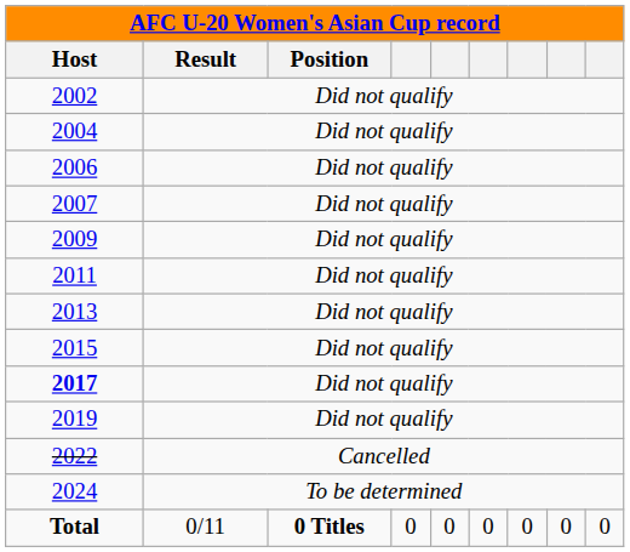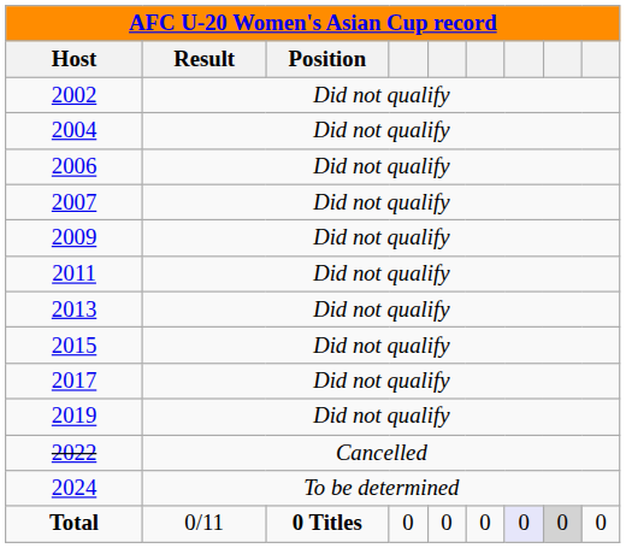 <table class="wikitable collapsible" style="text-align: center;">
 <tr>
 <th colspan=12 style="background: #FF8C00; color: #0000FF;"><a href='#'>AFC U-20 Women's Asian Cup record</a></th>
 </tr>
 <tr>
 <th width="90">Host</th>
 <th width="80">Result</th>
 <th width="80">Position</th>
 <th width="20"></th>
 <th width="20"></th>
 <th width="20"></th>
 <th width="20"></th>
 <th width="20"></th>
 <th width="20"></th>
 </tr>
 <tr>
 <td> <a href='#'>2002</a></td>
 <td colspan=10><em>Did not qualify</em></td>
 </tr>
 <tr>
 <td> <a href='#'>2004</a></td>
 <td colspan=10><em>Did not qualify</em></td>
 </tr>
 <tr>
 <td> <a href='#'>2006</a></td>
 <td colspan=10><em>Did not qualify</em></td>
 </tr>
 <tr>
 <td> <a href='#'>2007</a></td>
 <td colspan=10><em>Did not qualify</em></td>
 </tr>
 <tr>
 <td> <a href='#'>2009</a></td>
 <td colspan=10><em>Did not qualify</em></td>
 </tr>
 <tr>
 <td> <a href='#'>2011</a></td>
 <td colspan=10><em>Did not qualify</em></td>
 </tr>
 <tr>
 <td> <a href='#'>2013</a></td>
 <td colspan=10><em>Did not qualify</em></td>
 </tr>
 <tr>
 <td> <a href='#'>2015</a></td>
 <td colspan=10><em>Did not qualify</em></td>
 </tr>
 <tr>
-<td><strong> <a href='#'>2017</a></strong></td>
+<td> <a href='#'>2017</a></td>
 <td colspan=10><em>Did not qualify</em></td>
 </tr>
 <tr>
 <td> <a href='#'>2019</a></td>
 <td colspan=10><em>Did not qualify</em></td>
 </tr>
 <tr>
 <td><s><a href='#'>2022</a></s></td>
 <td colspan=10><em>Cancelled</em></td>
 </tr>
 <tr>
 <td> <a href='#'>2024</a></td>
 <td colspan=10><em>To be determined</em></td>
 </tr>
 <tr>
 <td><strong>Total</strong></td>
 <td>0/11</td>
 <td><strong>0 Titles</strong></td>
 <td>0</td>
 <td>0</td>
 <td>0</td>
-<td>0</td>
-<td>0</td>
+<td style="background: lavender;">0</td>
+<td style="background: lightgrey;">0</td>
 <td>0</td>
 </tr>
 </table>
